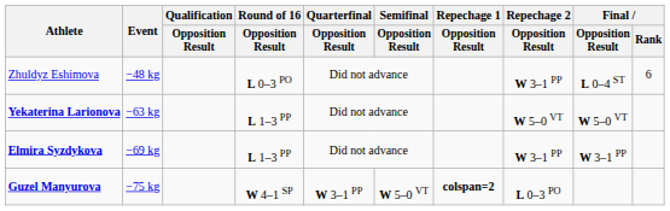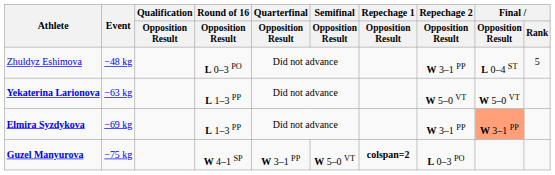 <table class="wikitable" style="font-size:90%">
 <tr>
 <th rowspan=2>Athlete</th>
 <th rowspan=2>Event</th>
 <th>Qualification</th>
 <th>Round of 16</th>
 <th>Quarterfinal</th>
 <th>Semifinal</th>
 <th>Repechage 1</th>
 <th>Repechage 2</th>
 <th colspan=2>Final / </th>
 </tr>
 <tr style="font-size: 95%">
 <th>Opposition<br>Result</th>
 <th>Opposition<br>Result</th>
 <th>Opposition<br>Result</th>
 <th>Opposition<br>Result</th>
 <th>Opposition<br>Result</th>
 <th>Opposition<br>Result</th>
 <th>Opposition<br>Result</th>
 <th>Rank</th>
 </tr>
 <tr align=center>
 <td align=left><a href='#'>Zhuldyz Eshimova</a></td>
 <td align=left><a href='#'>−48 kg</a></td>
 <td></td>
 <td><br><strong>L</strong> 0–3 <sup>PO</sup></td>
 <td colspan=2>Did not advance</td>
 <td></td>
 <td><br><strong>W</strong> 3–1 <sup>PP</sup></td>
 <td><br><strong>L</strong> 0–4 <sup>ST</sup></td>
-<td>6</td>
+<td>5</td>
 </tr>
 <tr align=center>
 <td align=left><strong><a href='#'>Yekaterina Larionova</a></strong></td>
 <td align=left><a href='#'>−63 kg</a></td>
 <td></td>
 <td><br><strong>L</strong> 1–3 <sup>PP</sup></td>
 <td colspan=2>Did not advance</td>
 <td></td>
 <td><br><strong>W</strong> 5–0 <sup>VT</sup></td>
 <td><br><strong>W</strong> 5–0 <sup>VT</sup></td>
 <td></td>
 </tr>
 <tr align=center>
 <td align=left><strong><a href='#'>Elmira Syzdykova</a></strong></td>
 <td align=left><a href='#'>−69 kg</a></td>
 <td></td>
 <td><br><strong>L</strong> 1–3 <sup>PP</sup></td>
 <td colspan=2>Did not advance</td>
 <td></td>
 <td><br><strong>W</strong> 3–1 <sup>PP</sup></td>
-<td><br><strong>W</strong> 3–1 <sup>PP</sup></td>
+<td style="background: lightsalmon;"><br><strong>W</strong> 3–1 <sup>PP</sup></td>
 <td></td>
 </tr>
 <tr align=center>
 <td align=left><strong><a href='#'>Guzel Manyurova</a></strong></td>
 <td align=left><a href='#'>−75 kg</a></td>
 <td></td>
 <td><br><strong>W</strong> 4–1 <sup>SP</sup></td>
 <td><br><strong>W</strong> 3–1 <sup>PP</sup></td>
 <td><br><strong>W</strong> 5–0 <sup>VT</sup></td>
 <td><strong>colspan=2 </strong></td>
 <td><br><strong>L</strong> 0–3 <sup>PO</sup></td>
 <td></td>
 </tr>
 </table>
